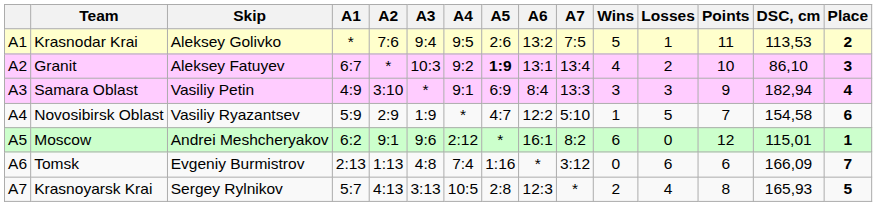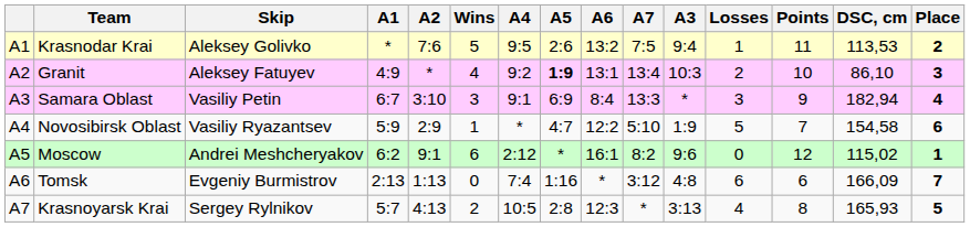 <table class="wikitable" style="text-align:center;">
 <tr>
 <th></th>
 <th>Team</th>
 <th>Skip</th>
 <th width="25">A1</th>
 <th width="25">A2</th>
-<th width="25">A3</th>
+<th>Wins</th>
 <th width="25">A4</th>
 <th width="25">A5</th>
 <th width="25">A6</th>
 <th width="25">A7</th>
-<th>Wins</th>
+<th width="25">A3</th>
 <th>Losses</th>
 <th>Points</th>
 <th>DSC, cm</th>
 <th>Place</th>
 </tr>
 <tr bgcolor=#ffc>
 <td>A1</td>
 <td align=left>Krasnodar Krai</td>
 <td align=left>Aleksey Golivko</td>
 <td>*</td>
 <td>7:6</td>
-<td>9:4</td>
+<td>5</td>
 <td>9:5</td>
 <td>2:6</td>
 <td>13:2</td>
 <td>7:5</td>
-<td>5</td>
+<td>9:4</td>
 <td>1</td>
 <td>11</td>
 <td>113,53</td>
 <td><strong>2</strong></td>
 </tr>
 <tr bgcolor=#fcf>
 <td>A2</td>
 <td align=left>Granit</td>
 <td align=left>Aleksey Fatuyev</td>
-<td>6:7</td>
+<td>4:9</td>
 <td>*</td>
-<td>10:3</td>
+<td>4</td>
 <td>9:2</td>
 <td><strong>1:9</strong></td>
 <td>13:1</td>
 <td>13:4</td>
-<td>4</td>
+<td>10:3</td>
 <td>2</td>
 <td>10</td>
 <td>86,10</td>
 <td><strong>3</strong></td>
 </tr>
 <tr bgcolor=#fcf>
 <td>A3</td>
 <td align=left>Samara Oblast</td>
 <td align=left>Vasiliy Petin</td>
-<td>4:9</td>
+<td>6:7</td>
 <td>3:10</td>
-<td>*</td>
+<td>3</td>
 <td>9:1</td>
 <td>6:9</td>
 <td>8:4</td>
 <td>13:3</td>
-<td>3</td>
+<td>*</td>
 <td>3</td>
 <td>9</td>
 <td>182,94</td>
 <td><strong>4</strong></td>
 </tr>
 <tr>
 <td>A4</td>
 <td align=left>Novosibirsk Oblast</td>
 <td align=left>Vasiliy Ryazantsev</td>
 <td>5:9</td>
 <td>2:9</td>
-<td>1:9</td>
+<td>1</td>
 <td>*</td>
 <td>4:7</td>
 <td>12:2</td>
 <td>5:10</td>
-<td>1</td>
+<td>1:9</td>
 <td>5</td>
 <td>7</td>
 <td>154,58</td>
 <td><strong>6</strong></td>
 </tr>
 <tr bgcolor=#cfc>
 <td>A5</td>
 <td align=left>Moscow</td>
 <td align=left>Andrei Meshcheryakov</td>
 <td>6:2</td>
 <td>9:1</td>
-<td>9:6</td>
+<td>6</td>
 <td>2:12</td>
 <td>*</td>
 <td>16:1</td>
 <td>8:2</td>
-<td>6</td>
+<td>9:6</td>
 <td>0</td>
 <td>12</td>
-<td>115,01</td>
+<td>115,02</td>
 <td><strong>1</strong></td>
 </tr>
 <tr>
 <td>A6</td>
 <td align=left>Tomsk</td>
 <td align=left>Evgeniy Burmistrov</td>
 <td>2:13</td>
 <td>1:13</td>
-<td>4:8</td>
+<td>0</td>
 <td>7:4</td>
 <td>1:16</td>
 <td>*</td>
 <td>3:12</td>
-<td>0</td>
+<td>4:8</td>
 <td>6</td>
 <td>6</td>
 <td>166,09</td>
 <td><strong>7</strong></td>
 </tr>
 <tr>
 <td>A7</td>
 <td align=left>Krasnoyarsk Krai</td>
 <td align=left>Sergey Rylnikov</td>
 <td>5:7</td>
 <td>4:13</td>
-<td>3:13</td>
+<td>2</td>
 <td>10:5</td>
 <td>2:8</td>
 <td>12:3</td>
 <td>*</td>
-<td>2</td>
+<td>3:13</td>
 <td>4</td>
 <td>8</td>
 <td>165,93</td>
 <td><strong>5</strong></td>
 </tr>
 </table>
